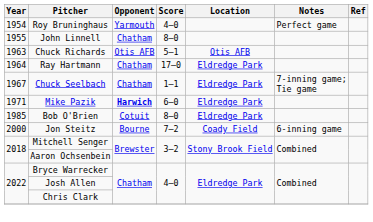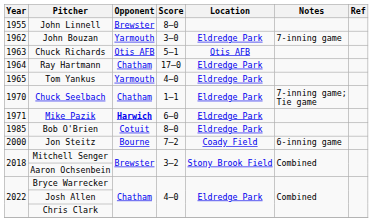 <table class="wikitable" style="text-align:center">
 <tr>
 <th scope="col">Year</th>
 <th scope="col">Pitcher</th>
 <th scope="col">Opponent</th>
 <th scope="col">Score</th>
 <th scope="col">Location</th>
 <th scope="col">Notes</th>
 <th scope="col">Ref</th>
 </tr>
 <tr>
-<td>1954</td>
-<td>Roy Bruninghaus</td>
-<td><a href='#'>Yarmouth</a></td>
-<td>4–0</td>
+<td>1955</td>
+<td>John Linnell</td>
+<td><a href='#'>Brewster</a></td>
+<td>8–0</td>
 <td></td>
-<td style="text-align:left">Perfect game</td>
+<td></td>
 <td></td>
 </tr>
 <tr>
-<td>1955</td>
-<td>John Linnell</td>
-<td><a href='#'>Chatham</a></td>
-<td>8–0</td>
-<td></td>
-<td></td>
+<td>1962</td>
+<td>John Bouzan</td>
+<td><a href='#'>Yarmouth</a></td>
+<td>3–0</td>
+<td><a href='#'>Eldredge Park</a></td>
+<td style="text-align:left">7-inning game</td>
 <td></td>
 </tr>
 <tr>
 <td>1963</td>
 <td>Chuck Richards</td>
 <td><a href='#'>Otis AFB</a></td>
 <td>5–1</td>
 <td><a href='#'>Otis AFB</a></td>
 <td></td>
 <td></td>
 </tr>
 <tr>
 <td>1964</td>
 <td>Ray Hartmann</td>
 <td><a href='#'>Chatham</a></td>
 <td>17–0</td>
 <td><a href='#'>Eldredge Park</a></td>
 <td></td>
 <td></td>
 </tr>
 <tr>
-<td>1967</td>
+<td>1965</td>
+<td>Tom Yankus</td>
+<td><a href='#'>Yarmouth</a></td>
+<td>4–0</td>
+<td><a href='#'>Eldredge Park</a></td>
+<td></td>
+<td></td>
+</tr>
+<tr>
+<td>1970</td>
 <td><a href='#'>Chuck Seelbach</a></td>
 <td><a href='#'>Chatham</a></td>
 <td>1–1</td>
 <td><a href='#'>Eldredge Park</a></td>
 <td style="text-align:left">7-inning game;<br>Tie game</td>
 <td></td>
 </tr>
 <tr>
 <td>1971</td>
 <td><a href='#'>Mike Pazik</a></td>
 <td><strong><a href='#'>Harwich</a></strong></td>
 <td>6–0</td>
 <td><a href='#'>Eldredge Park</a></td>
 <td></td>
 <td></td>
 </tr>
 <tr>
 <td>1985</td>
 <td>Bob O'Brien</td>
 <td><a href='#'>Cotuit</a></td>
 <td>8–0</td>
 <td><a href='#'>Eldredge Park</a></td>
 <td></td>
 <td></td>
 </tr>
 <tr>
 <td>2000</td>
 <td>Jon Steitz</td>
 <td><a href='#'>Bourne</a></td>
 <td>7–2</td>
 <td><a href='#'>Coady Field</a></td>
 <td style="text-align:left">6-inning game</td>
 <td></td>
 </tr>
 <tr>
 <td rowspan="2">2018</td>
 <td>Mitchell Senger</td>
 <td rowspan="2"><a href='#'>Brewster</a></td>
 <td rowspan="2">3–2</td>
 <td rowspan="2"><a href='#'>Stony Brook Field</a></td>
 <td style="text-align:left" rowspan="2">Combined</td>
 <td rowspan="2"></td>
 </tr>
 <tr>
 <td>Aaron Ochsenbein</td>
 </tr>
 <tr>
 <td rowspan="3">2022</td>
 <td>Bryce Warrecker</td>
 <td rowspan="3"><a href='#'>Chatham</a></td>
 <td rowspan="3">4–0</td>
 <td rowspan="3"><a href='#'>Eldredge Park</a></td>
 <td style="text-align:left" rowspan="3">Combined</td>
 <td rowspan="3"></td>
 </tr>
 <tr>
 <td>Josh Allen</td>
 </tr>
 <tr>
 <td>Chris Clark</td>
 </tr>
 <tr>
 </tr>
 </table>
